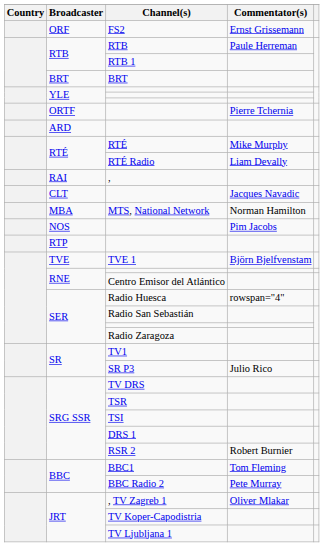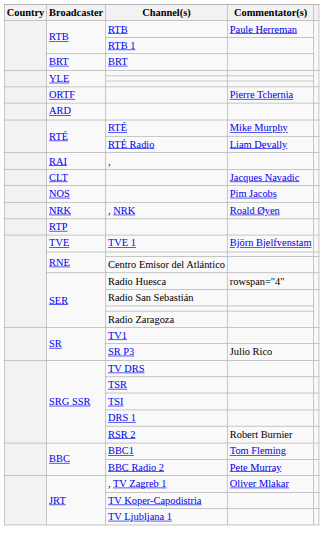 <table class="wikitable plainrowheaders">
 <tr>
 </tr>
 <tr>
 <th scope="col">Country</th>
 <th scope="col">Broadcaster</th>
 <th scope="col">Channel(s)</th>
 <th scope="col">Commentator(s)</th>
 <th scope="col"></th>
-</tr>
-<tr>
-<th scope="row"></th>
-<td><a href='#'>ORF</a></td>
-<td><a href='#'>FS2</a></td>
-<td><a href='#'>Ernst Grissemann</a></td>
-<td style="text-align:center"></td>
 </tr>
 <tr>
 <th scope="rowgroup" rowspan="3"></th>
 <td rowspan="2"><a href='#'>RTB</a></td>
 <td><a href='#'>RTB</a></td>
 <td><a href='#'>Paule Herreman</a></td>
 <td style="text-align:center" rowspan="3"></td>
 </tr>
 <tr>
 <td><a href='#'>RTB 1</a></td>
 <td></td>
 </tr>
 <tr>
 <td><a href='#'>BRT</a></td>
 <td><a href='#'>BRT</a></td>
 <td></td>
 </tr>
 <tr>
 <th scope="rowgroup" rowspan="3"></th>
 <td rowspan="3"><a href='#'>YLE</a></td>
 <td></td>
 <td></td>
 <td style="text-align:center" rowspan="3"></td>
 </tr>
 <tr>
 <td></td>
 <td></td>
 </tr>
 <tr>
 <td></td>
 <td></td>
 </tr>
 <tr>
 <th scope="row"></th>
 <td><a href='#'>ORTF</a></td>
 <td></td>
 <td><a href='#'>Pierre Tchernia</a></td>
 <td style="text-align:center"></td>
 </tr>
 <tr>
 <th scope="row"></th>
 <td><a href='#'>ARD</a></td>
 <td></td>
 <td></td>
 <td style="text-align:center"></td>
 </tr>
 <tr>
 <th scope="rowgroup" rowspan="2"></th>
 <td rowspan="2"><a href='#'>RTÉ</a></td>
 <td><a href='#'>RTÉ</a></td>
 <td><a href='#'>Mike Murphy</a></td>
 <td style="text-align:center"></td>
 </tr>
 <tr>
 <td><a href='#'>RTÉ Radio</a></td>
 <td><a href='#'>Liam Devally</a></td>
 <td style="text-align:center"></td>
 </tr>
 <tr>
 <th scope="row"></th>
 <td><a href='#'>RAI</a></td>
 <td>, </td>
 <td></td>
 <td style="text-align:center"></td>
 </tr>
 <tr>
 <th scope="row"></th>
 <td><a href='#'>CLT</a></td>
 <td></td>
 <td><a href='#'>Jacques Navadic</a></td>
 <td style="text-align:center"></td>
 </tr>
 <tr>
 <th scope="row"></th>
-<td><a href='#'>MBA</a></td>
-<td><a href='#'>MTS</a>, <a href='#'>National Network</a></td>
-<td>Norman Hamilton</td>
+<td><a href='#'>NOS</a></td>
+<td></td>
+<td><a href='#'>Pim Jacobs</a></td>
 <td style="text-align:center"></td>
 </tr>
 <tr>
 <th scope="row"></th>
-<td><a href='#'>NOS</a></td>
-<td></td>
-<td><a href='#'>Pim Jacobs</a></td>
+<td><a href='#'>NRK</a></td>
+<td>, <a href='#'>NRK</a></td>
+<td><a href='#'>Roald Øyen</a></td>
 <td style="text-align:center"></td>
 </tr>
 <tr>
 <th scope="row"></th>
 <td><a href='#'>RTP</a></td>
 <td></td>
 <td></td>
 <td style="text-align:center"></td>
 </tr>
 <tr>
 <th scope="rowgroup" rowspan="7"></th>
 <td><a href='#'>TVE</a></td>
 <td><a href='#'>TVE 1</a></td>
 <td><a href='#'>Björn Bjelfvenstam</a></td>
 <td style="text-align:center"></td>
 </tr>
 <tr>
 <td rowspan="2"><a href='#'>RNE</a></td>
 <td></td>
 <td></td>
 <td style="text-align:center"></td>
 </tr>
 <tr>
 <td>Centro Emisor del Atlántico</td>
 <td></td>
 <td style="text-align:center"></td>
 </tr>
 <tr>
 <td rowspan="4"><a href='#'>SER</a></td>
 <td>Radio Huesca</td>
 <td>rowspan="4" </td>
 <td style="text-align:center"></td>
 </tr>
 <tr>
 <td>Radio San Sebastián</td>
 <td style="text-align:center"></td>
 </tr>
 <tr>
 <td></td>
 <td style="text-align:center"></td>
 </tr>
 <tr>
 <td>Radio Zaragoza</td>
 <td style="text-align:center"></td>
 </tr>
 <tr>
 <th scope="rowgroup" rowspan="2"></th>
 <td rowspan="2"><a href='#'>SR</a></td>
 <td><a href='#'>TV1</a></td>
 <td></td>
 <td style="text-align:center"></td>
 </tr>
 <tr>
 <td><a href='#'>SR P3</a></td>
 <td>Julio Rico</td>
 <td style="text-align:center"></td>
 </tr>
 <tr>
 <th scope="rowgroup" rowspan="5"></th>
 <td rowspan="5"><a href='#'>SRG SSR</a></td>
 <td><a href='#'>TV DRS</a></td>
 <td></td>
 <td style="text-align:center"></td>
 </tr>
 <tr>
 <td><a href='#'>TSR</a></td>
 <td></td>
 <td style="text-align:center"></td>
 </tr>
 <tr>
 <td><a href='#'>TSI</a></td>
 <td></td>
 <td style="text-align:center"></td>
 </tr>
 <tr>
 <td><a href='#'>DRS 1</a></td>
 <td></td>
 <td style="text-align:center"></td>
 </tr>
 <tr>
 <td><a href='#'>RSR 2</a></td>
 <td>Robert Burnier</td>
 <td style="text-align:center"></td>
 </tr>
 <tr>
 <th scope="rowgroup" rowspan="2"></th>
 <td rowspan="2"><a href='#'>BBC</a></td>
 <td><a href='#'>BBC1</a></td>
 <td><a href='#'>Tom Fleming</a></td>
 <td style="text-align:center"></td>
 </tr>
 <tr>
 <td><a href='#'>BBC Radio 2</a></td>
 <td><a href='#'>Pete Murray</a></td>
 <td style="text-align:center"></td>
 </tr>
 <tr>
 <th scope="rowgroup" rowspan="3"></th>
 <td rowspan="3"><a href='#'>JRT</a></td>
 <td>, <a href='#'>TV Zagreb 1</a></td>
 <td><a href='#'>Oliver Mlakar</a></td>
 <td style="text-align:center"></td>
 </tr>
 <tr>
 <td><a href='#'>TV Koper-Capodistria</a></td>
 <td></td>
 <td style="text-align:center"></td>
 </tr>
 <tr>
 <td><a href='#'>TV Ljubljana 1</a></td>
 <td></td>
 <td style="text-align:center"></td>
 </tr>
 </table>
